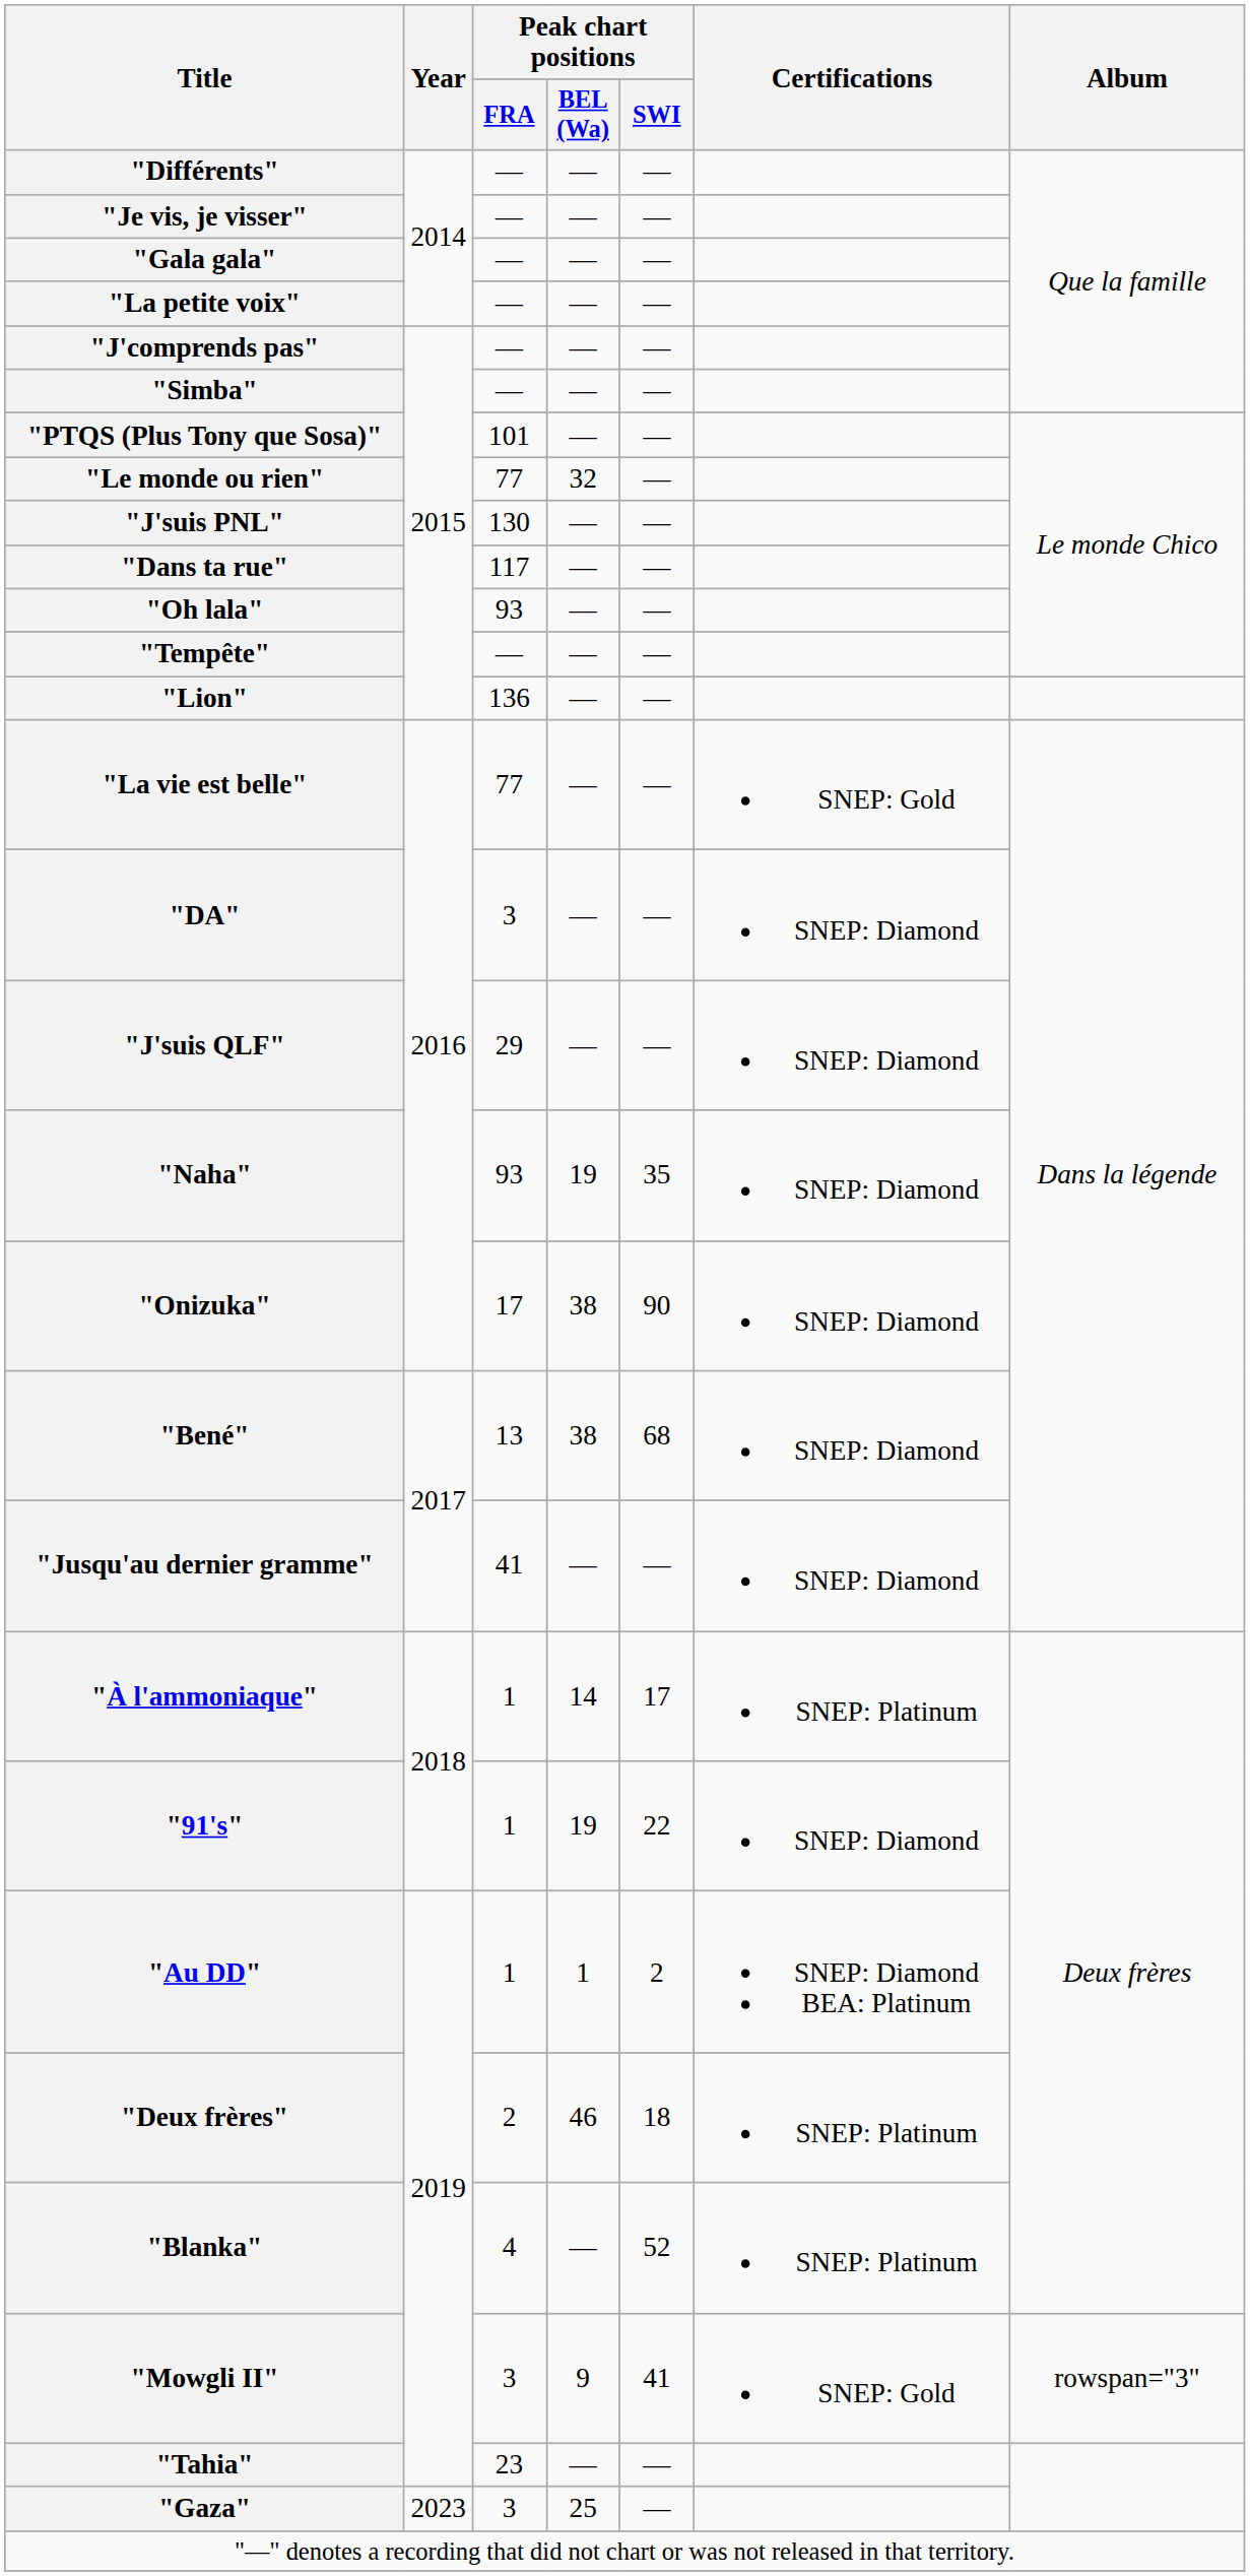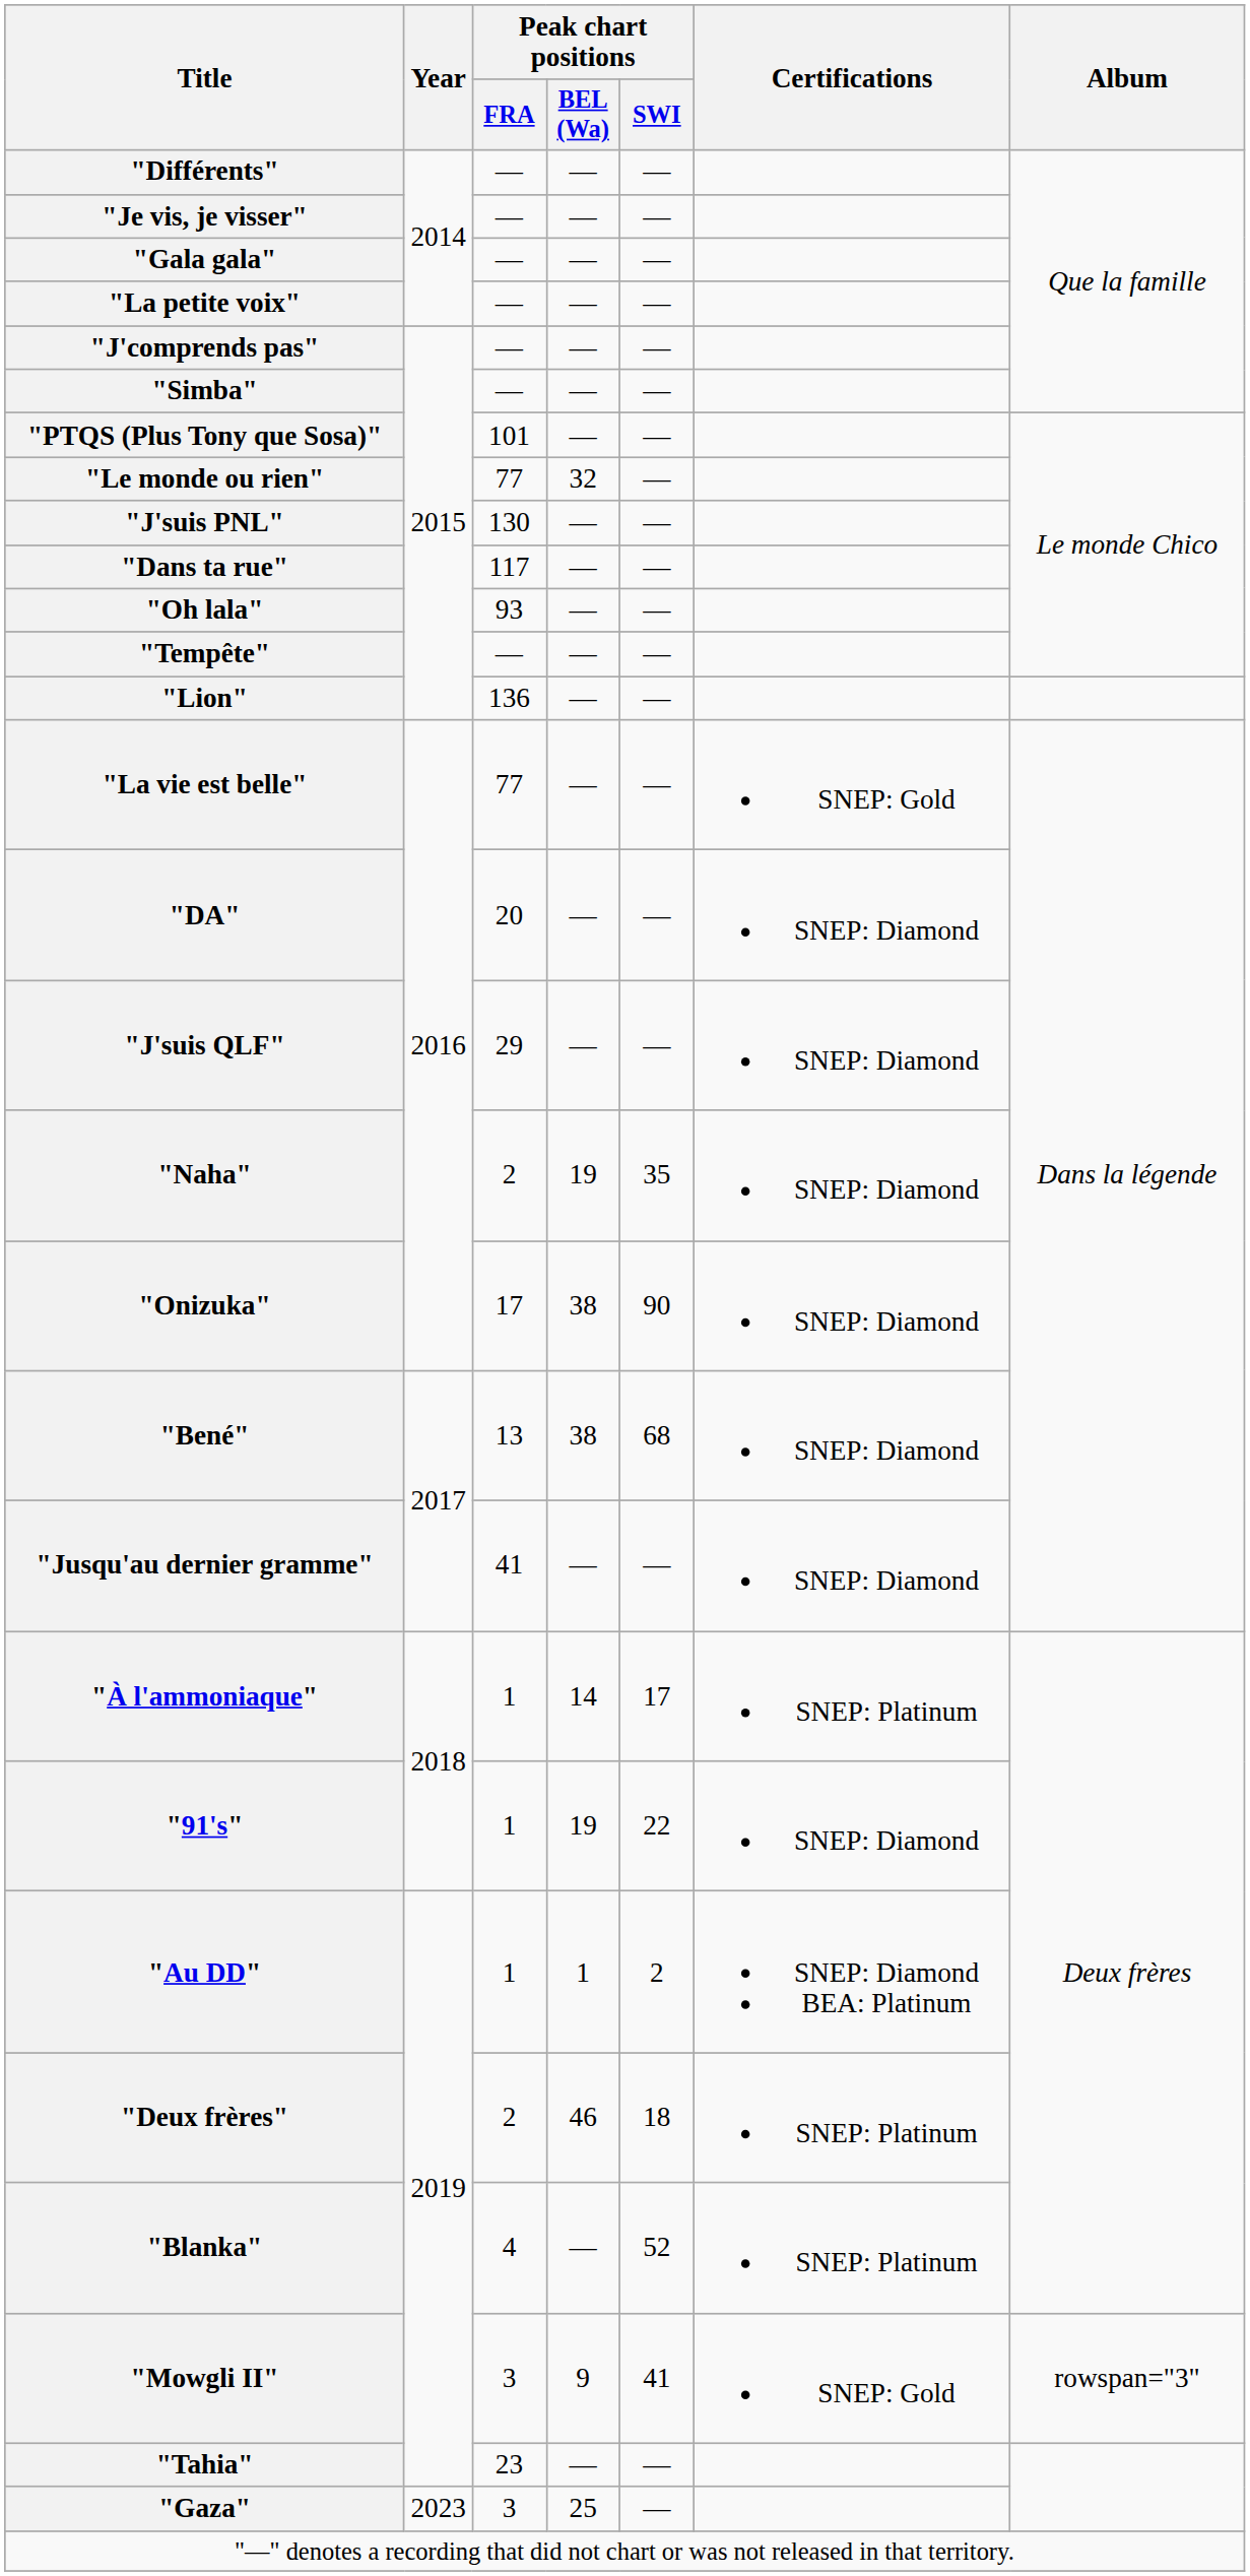 <table class="wikitable plainrowheaders" style="text-align:center;">
 <tr>
 <th scope="col" rowspan="2" style="width:14em;">Title</th>
 <th scope="col" rowspan="2" style="width:1em;">Year</th>
 <th scope="col" colspan="3">Peak chart positions</th>
 <th scope="col" rowspan="2" style="width:11em;">Certifications</th>
 <th scope="col" rowspan="2" style="width:8em;">Album</th>
 </tr>
 <tr>
 <th style="width:2.5em; font-size:90%"><a href='#'>FRA</a><br></th>
 <th style="width:2.5em; font-size:90%"><a href='#'>BEL<br>(Wa)</a><br></th>
 <th style="width:2.5em; font-size:90%"><a href='#'>SWI</a><br></th>
 </tr>
 <tr>
 <th scope="row">"Différents"</th>
 <td rowspan="4">2014</td>
 <td>—</td>
 <td>—</td>
 <td>—</td>
 <td></td>
 <td rowspan="6"><em>Que la famille</em></td>
 </tr>
 <tr>
 <th scope="row">"Je vis, je visser"</th>
 <td>—</td>
 <td>—</td>
 <td>—</td>
 <td></td>
 </tr>
 <tr>
 <th scope="row">"Gala gala"</th>
 <td>—</td>
 <td>—</td>
 <td>—</td>
 <td></td>
 </tr>
 <tr>
 <th scope="row">"La petite voix"</th>
 <td>—</td>
 <td>—</td>
 <td>—</td>
 <td></td>
 </tr>
 <tr>
 <th scope="row">"J'comprends pas"</th>
 <td rowspan="9">2015</td>
 <td>—</td>
 <td>—</td>
 <td>—</td>
 <td></td>
 </tr>
 <tr>
 <th scope="row">"Simba"</th>
 <td>—</td>
 <td>—</td>
 <td>—</td>
 <td></td>
 </tr>
 <tr>
 <th scope="row">"PTQS (Plus Tony que Sosa)"</th>
 <td>101</td>
 <td>—</td>
 <td>—</td>
 <td></td>
 <td rowspan="6"><em>Le monde Chico</em></td>
 </tr>
 <tr>
 <th scope="row">"Le monde ou rien"</th>
 <td>77</td>
 <td>32</td>
 <td>—</td>
 <td></td>
 </tr>
 <tr>
 <th scope="row">"J'suis PNL"</th>
 <td>130</td>
 <td>—</td>
 <td>—</td>
 <td></td>
 </tr>
 <tr>
 <th scope="row">"Dans ta rue"</th>
 <td>117</td>
 <td>—</td>
 <td>—</td>
 <td></td>
 </tr>
 <tr>
 <th scope="row">"Oh lala"</th>
 <td>93</td>
 <td>—</td>
 <td>—</td>
 <td></td>
 </tr>
 <tr>
 <th scope="row">"Tempête"</th>
 <td>—</td>
 <td>—</td>
 <td>—</td>
 <td></td>
 </tr>
 <tr>
 <th scope="row">"Lion"</th>
 <td>136</td>
 <td>—</td>
 <td>—</td>
 <td></td>
 <td></td>
 </tr>
 <tr>
 <th scope="row">"La vie est belle"</th>
 <td rowspan="5">2016</td>
 <td>77</td>
 <td>—</td>
 <td>—</td>
 <td><br><ul><li>SNEP: Gold</li></ul></td>
 <td rowspan="7"><em>Dans la légende</em></td>
 </tr>
 <tr>
 <th scope="row">"DA"</th>
-<td>3</td>
+<td>20</td>
 <td>—</td>
 <td>—</td>
 <td><br><ul><li>SNEP: Diamond</li></ul></td>
 </tr>
 <tr>
 <th scope="row">"J'suis QLF"</th>
 <td>29</td>
 <td>—</td>
 <td>—</td>
 <td><br><ul><li>SNEP: Diamond</li></ul></td>
 </tr>
 <tr>
 <th scope="row">"Naha"</th>
-<td>93</td>
+<td>2</td>
 <td>19</td>
 <td>35</td>
 <td><br><ul><li>SNEP: Diamond</li></ul></td>
 </tr>
 <tr>
 <th scope="row">"Onizuka"</th>
 <td>17</td>
 <td>38</td>
 <td>90</td>
 <td><br><ul><li>SNEP: Diamond</li></ul></td>
 </tr>
 <tr>
 <th scope="row">"Bené"</th>
 <td rowspan="2">2017</td>
 <td>13</td>
 <td>38</td>
 <td>68</td>
 <td><br><ul><li>SNEP: Diamond</li></ul></td>
 </tr>
 <tr>
 <th scope="row">"Jusqu'au dernier gramme"</th>
 <td>41</td>
 <td>—</td>
 <td>—</td>
 <td><br><ul><li>SNEP: Diamond</li></ul></td>
 </tr>
 <tr>
 <th scope="row">"<a href='#'>À l'ammoniaque</a>"</th>
 <td rowspan="2">2018</td>
 <td>1</td>
 <td>14</td>
 <td>17</td>
 <td><br><ul><li>SNEP: Platinum</li></ul></td>
 <td rowspan="5"><em>Deux frères</em></td>
 </tr>
 <tr>
 <th scope="row">"<a href='#'>91's</a>"</th>
 <td>1</td>
 <td>19</td>
 <td>22</td>
 <td><br><ul><li>SNEP: Diamond</li></ul></td>
 </tr>
 <tr>
 <th scope="row">"<a href='#'>Au DD</a>"</th>
 <td rowspan="5">2019</td>
 <td>1</td>
 <td>1</td>
 <td>2</td>
 <td><br><ul><li>SNEP: Diamond</li><li>BEA: Platinum</li></ul></td>
 </tr>
 <tr>
 <th scope="row">"Deux frères"</th>
 <td>2</td>
 <td>46</td>
 <td>18</td>
 <td><br><ul><li>SNEP: Platinum</li></ul></td>
 </tr>
 <tr>
 <th scope="row">"Blanka"</th>
 <td>4</td>
 <td>—</td>
 <td>52</td>
 <td><br><ul><li>SNEP: Platinum</li></ul></td>
 </tr>
 <tr>
 <th scope="row">"Mowgli II"</th>
 <td>3</td>
 <td>9</td>
 <td>41</td>
 <td><br><ul><li>SNEP: Gold</li></ul></td>
 <td>rowspan="3" </td>
 </tr>
 <tr>
 <th scope="row">"Tahia"</th>
 <td>23</td>
 <td>—</td>
 <td>—</td>
 <td></td>
 </tr>
 <tr>
 <th scope="row">"Gaza"<br></th>
 <td>2023</td>
 <td>3</td>
 <td>25</td>
 <td>—</td>
 <td></td>
 </tr>
 <tr>
 <td colspan="14" style="font-size:90%">"—" denotes a recording that did not chart or was not released in that territory.</td>
 </tr>
 </table>
